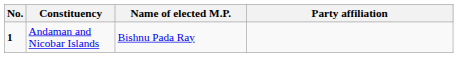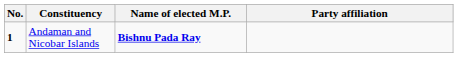 <table class="wikitable">
 <tr style="background:#ccc; text-align:center;">
 <th>No.</th>
 <th style="width:120px">Constituency</th>
 <th style="width:180px">Name of elected M.P.</th>
 <th colspan="2" style="width:18em">Party affiliation</th>
 </tr>
 <tr>
 <td><strong>1</strong></td>
 <td><a href='#'>Andaman and Nicobar Islands</a></td>
-<td><a href='#'>Bishnu Pada Ray</a></td>
+<td><strong><a href='#'>Bishnu Pada Ray</a></strong></td>
 <td></td>
 </tr>
 </table>
